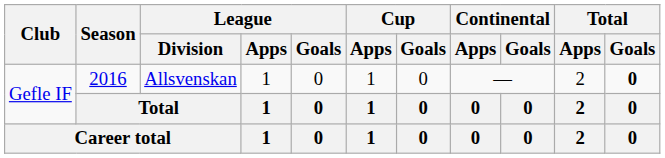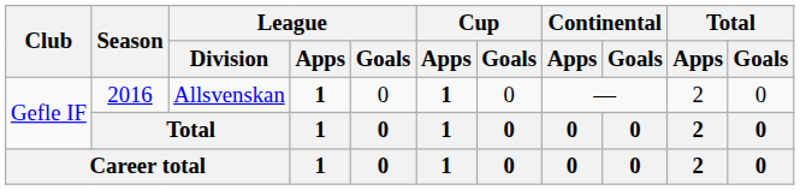 <table class="wikitable" style="text-align:center;">
 <tr>
 <th rowspan="2">Club</th>
 <th rowspan="2">Season</th>
 <th colspan="3">League</th>
 <th colspan="2">Cup</th>
 <th colspan="2">Continental</th>
 <th colspan="2">Total</th>
 </tr>
 <tr>
 <th>Division</th>
 <th>Apps</th>
 <th>Goals</th>
 <th>Apps</th>
 <th>Goals</th>
 <th>Apps</th>
 <th>Goals</th>
 <th>Apps</th>
 <th>Goals</th>
 </tr>
 <tr>
 <td rowspan="2"><a href='#'>Gefle IF</a></td>
 <td><a href='#'>2016</a></td>
 <td><a href='#'>Allsvenskan</a></td>
-<td>1</td>
+<td><strong>1</strong></td>
 <td>0</td>
-<td>1</td>
+<td><strong>1</strong></td>
 <td>0</td>
 <td colspan="2">—</td>
 <td>2</td>
-<td><strong>0</strong></td>
+<td>0</td>
 </tr>
 <tr>
 <th colspan=2>Total</th>
 <th>1</th>
 <th>0</th>
 <th>1</th>
 <th>0</th>
 <th>0</th>
 <th>0</th>
 <th>2</th>
 <th>0</th>
 </tr>
 <tr>
 <th colspan="3">Career total</th>
 <th>1</th>
 <th>0</th>
 <th>1</th>
 <th>0</th>
 <th>0</th>
 <th>0</th>
 <th>2</th>
 <th>0</th>
 </tr>
 </table>
